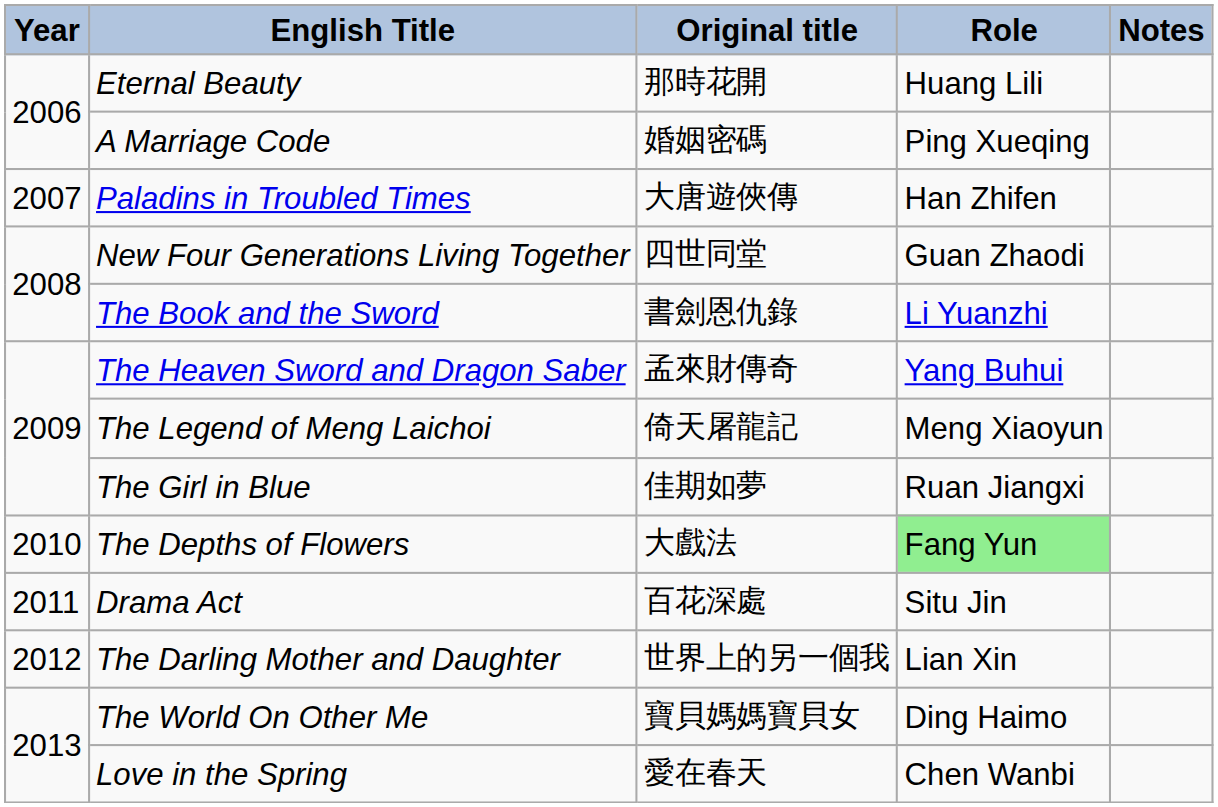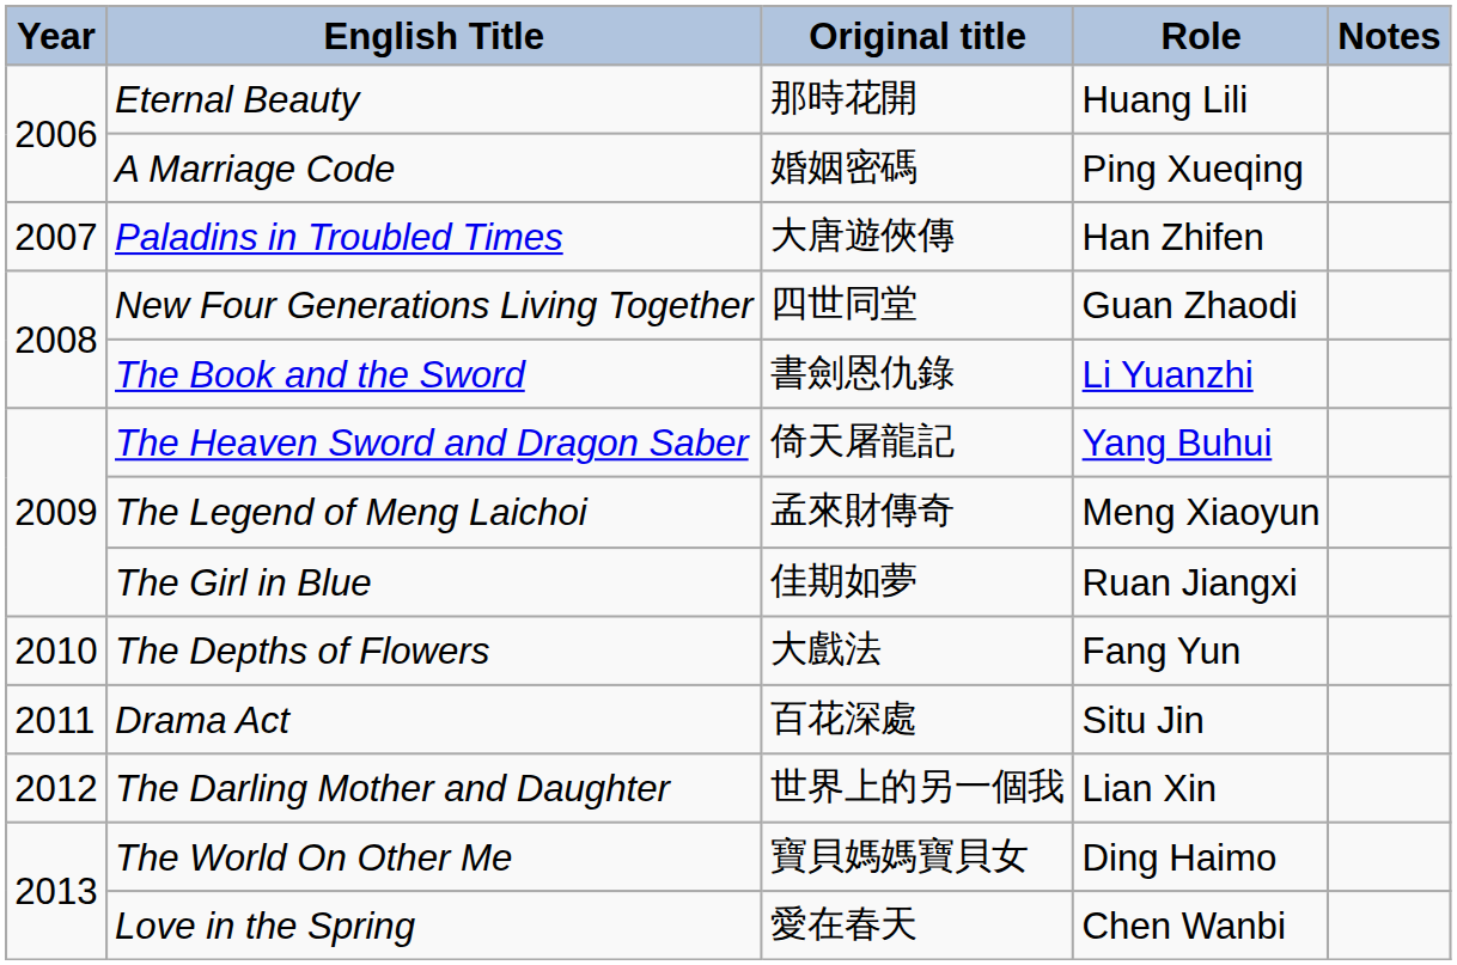 <table class="wikitable" style="font-size: 95%;">
 <tr>
 <th style="background-color: #B0C4DE;">Year</th>
 <th style="background-color: #B0C4DE;">English Title</th>
 <th style="background-color: #B0C4DE;">Original title</th>
 <th style="background-color: #B0C4DE;">Role</th>
 <th style="background-color: #B0C4DE;">Notes</th>
 </tr>
 <tr>
 <td rowspan="2">2006</td>
 <td><em>Eternal Beauty</em></td>
 <td>那時花開</td>
 <td>Huang Lili</td>
 <td></td>
 </tr>
 <tr>
 <td><em>A Marriage Code</em></td>
 <td>婚姻密碼</td>
 <td>Ping Xueqing</td>
 <td></td>
 </tr>
 <tr>
 <td>2007</td>
 <td><em><a href='#'>Paladins in Troubled Times</a></em></td>
 <td>大唐遊俠傳</td>
 <td>Han Zhifen</td>
 <td></td>
 </tr>
 <tr>
 <td rowspan="2">2008</td>
 <td><em>New Four Generations Living Together</em></td>
 <td>四世同堂</td>
 <td>Guan Zhaodi</td>
 <td></td>
 </tr>
 <tr>
 <td><em><a href='#'>The Book and the Sword</a></em></td>
 <td>書劍恩仇錄</td>
 <td><a href='#'>Li Yuanzhi</a></td>
 <td></td>
 </tr>
 <tr>
 <td rowspan="3">2009</td>
 <td><em><a href='#'>The Heaven Sword and Dragon Saber</a></em>  </td>
-<td>孟來財傳奇</td>
+<td>倚天屠龍記</td>
 <td><a href='#'>Yang Buhui</a></td>
 <td></td>
 </tr>
 <tr>
 <td><em>The Legend of Meng Laichoi</em></td>
-<td>倚天屠龍記</td>
+<td>孟來財傳奇</td>
 <td>Meng Xiaoyun</td>
 <td></td>
 </tr>
 <tr>
 <td><em>The Girl in Blue</em></td>
 <td>佳期如夢</td>
 <td>Ruan Jiangxi</td>
 <td></td>
 </tr>
 <tr>
 <td>2010</td>
 <td><em>The Depths of Flowers</em></td>
 <td>大戲法</td>
-<td style="background: lightgreen;">Fang Yun</td>
+<td>Fang Yun</td>
 <td></td>
 </tr>
 <tr>
 <td>2011</td>
 <td><em>Drama Act</em></td>
 <td>百花深處</td>
 <td>Situ Jin</td>
 <td></td>
 </tr>
 <tr>
 <td>2012</td>
 <td><em>The Darling Mother and Daughter</em></td>
 <td>世界上的另一個我</td>
 <td>Lian Xin</td>
 <td></td>
 </tr>
 <tr>
 <td rowspan="2">2013</td>
 <td><em>The World On Other Me</em></td>
 <td>寶貝媽媽寶貝女</td>
 <td>Ding Haimo</td>
 <td></td>
 </tr>
 <tr>
 <td><em>Love in the Spring</em></td>
 <td>愛在春天</td>
 <td>Chen Wanbi</td>
 <td></td>
 </tr>
 </table>
